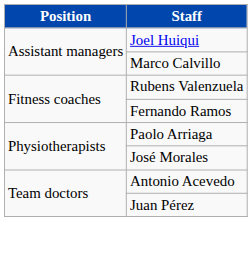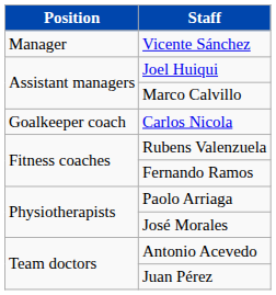 <table class="wikitable">
 <tr>
 <th style="background-color:#0046AD;color:#FFFFFF;">Position</th>
 <th style="background-color:#0046AD;color:#FFFFFF;">Staff</th>
+</tr>
+<tr>
+<td>Manager</td>
+<td> <a href='#'>Vicente Sánchez</a></td>
 </tr>
 <tr>
 <td rowspan="2">Assistant managers</td>
 <td> <a href='#'>Joel Huiqui</a></td>
 </tr>
 <tr>
 <td> Marco Calvillo</td>
+</tr>
+<tr>
+<td>Goalkeeper coach</td>
+<td> <a href='#'>Carlos Nicola</a></td>
 </tr>
 <tr>
 <td rowspan="2">Fitness coaches</td>
 <td> Rubens Valenzuela</td>
 </tr>
 <tr>
 <td> Fernando Ramos</td>
 </tr>
 <tr>
 <td rowspan="2">Physiotherapists</td>
 <td> Paolo Arriaga</td>
 </tr>
 <tr>
 <td> José Morales</td>
 </tr>
 <tr>
 <td rowspan="2">Team doctors</td>
 <td> Antonio Acevedo</td>
 </tr>
 <tr>
 <td> Juan Pérez</td>
 </tr>
 </table>
